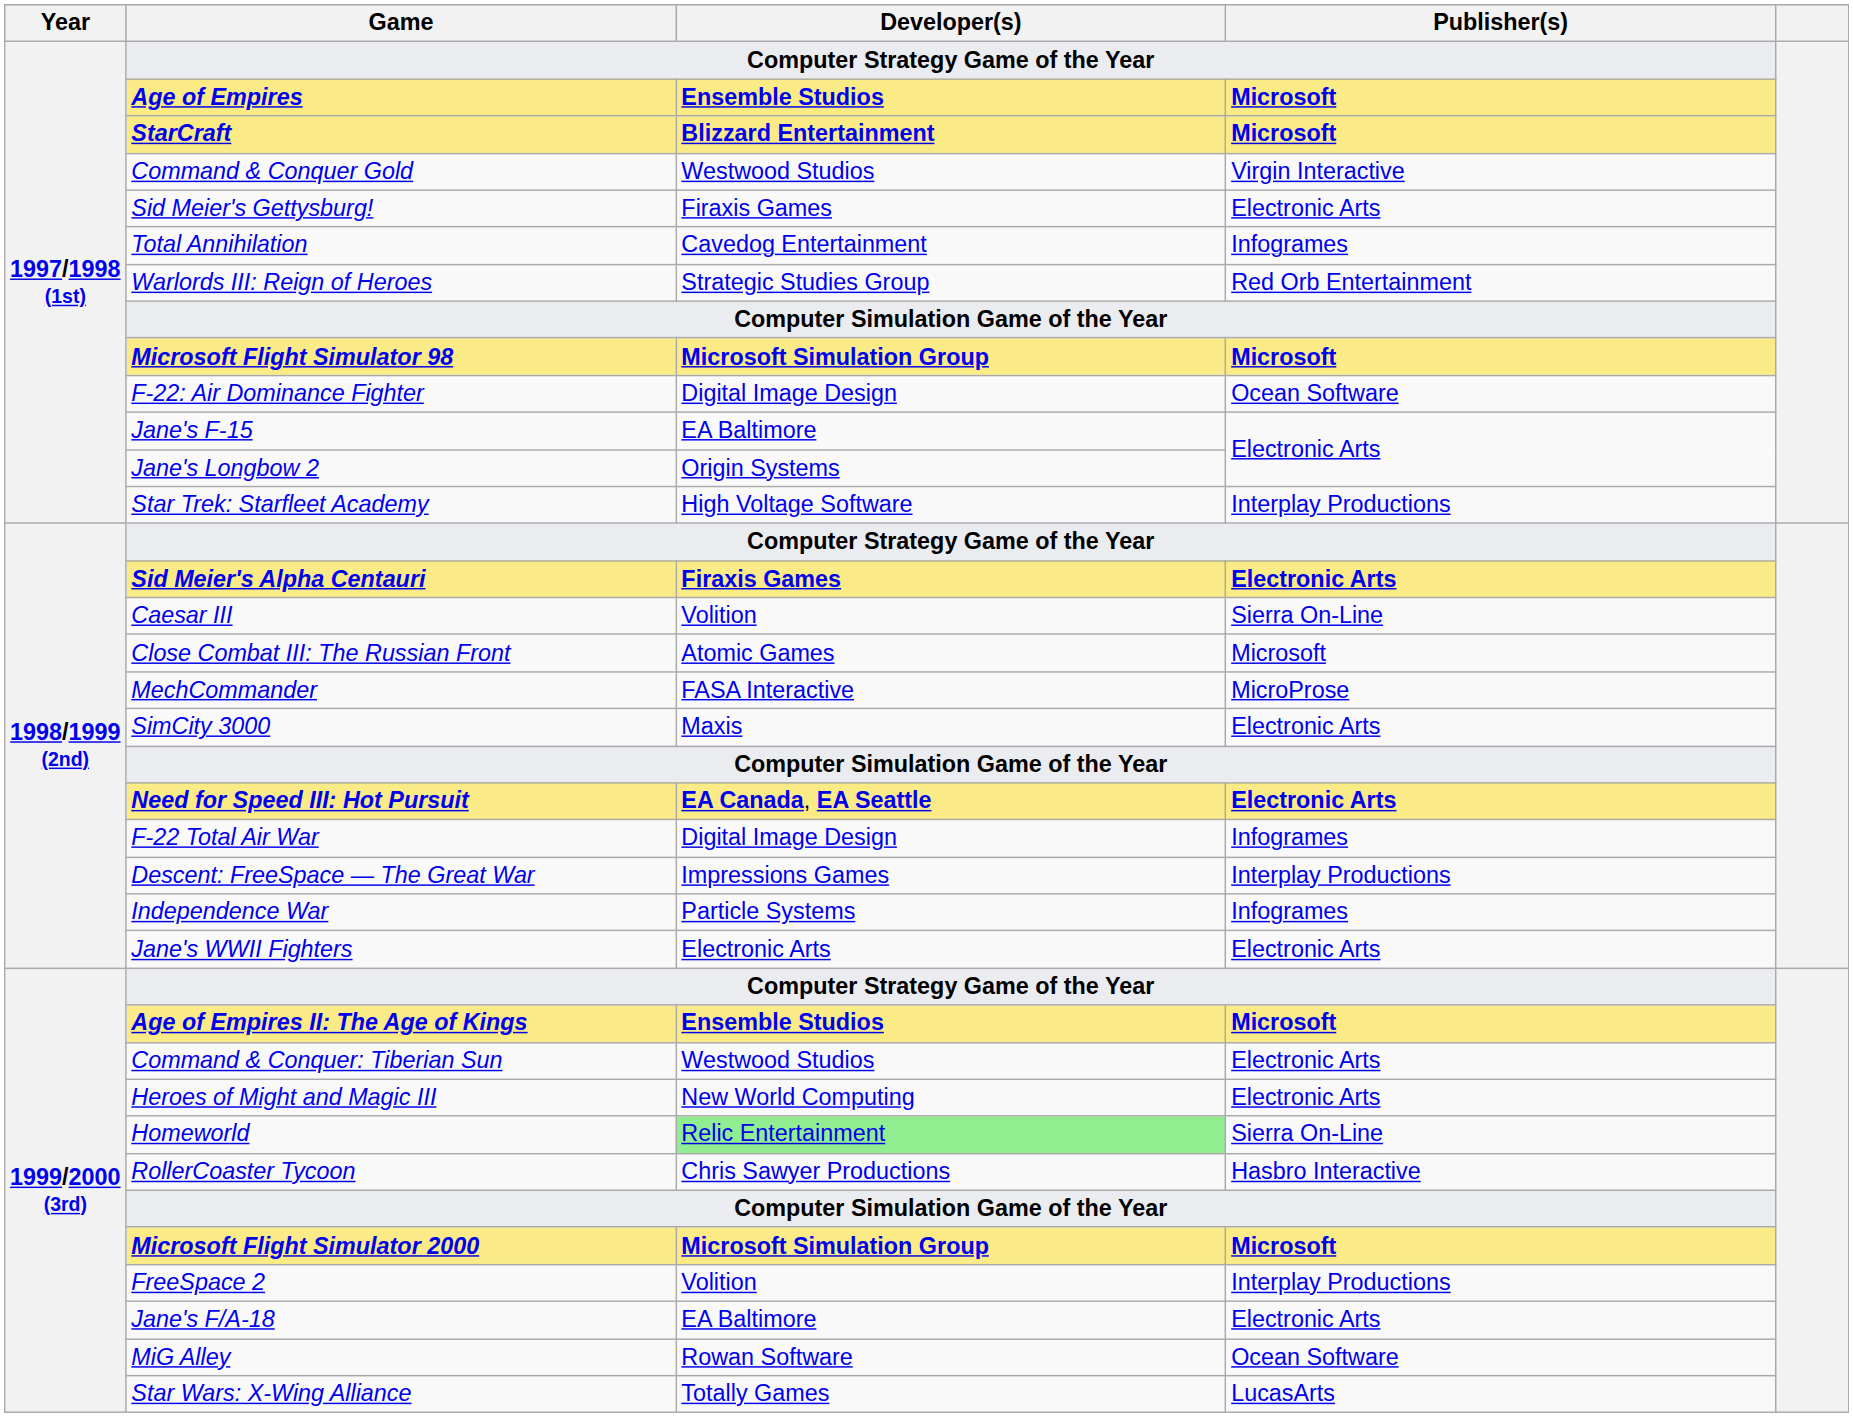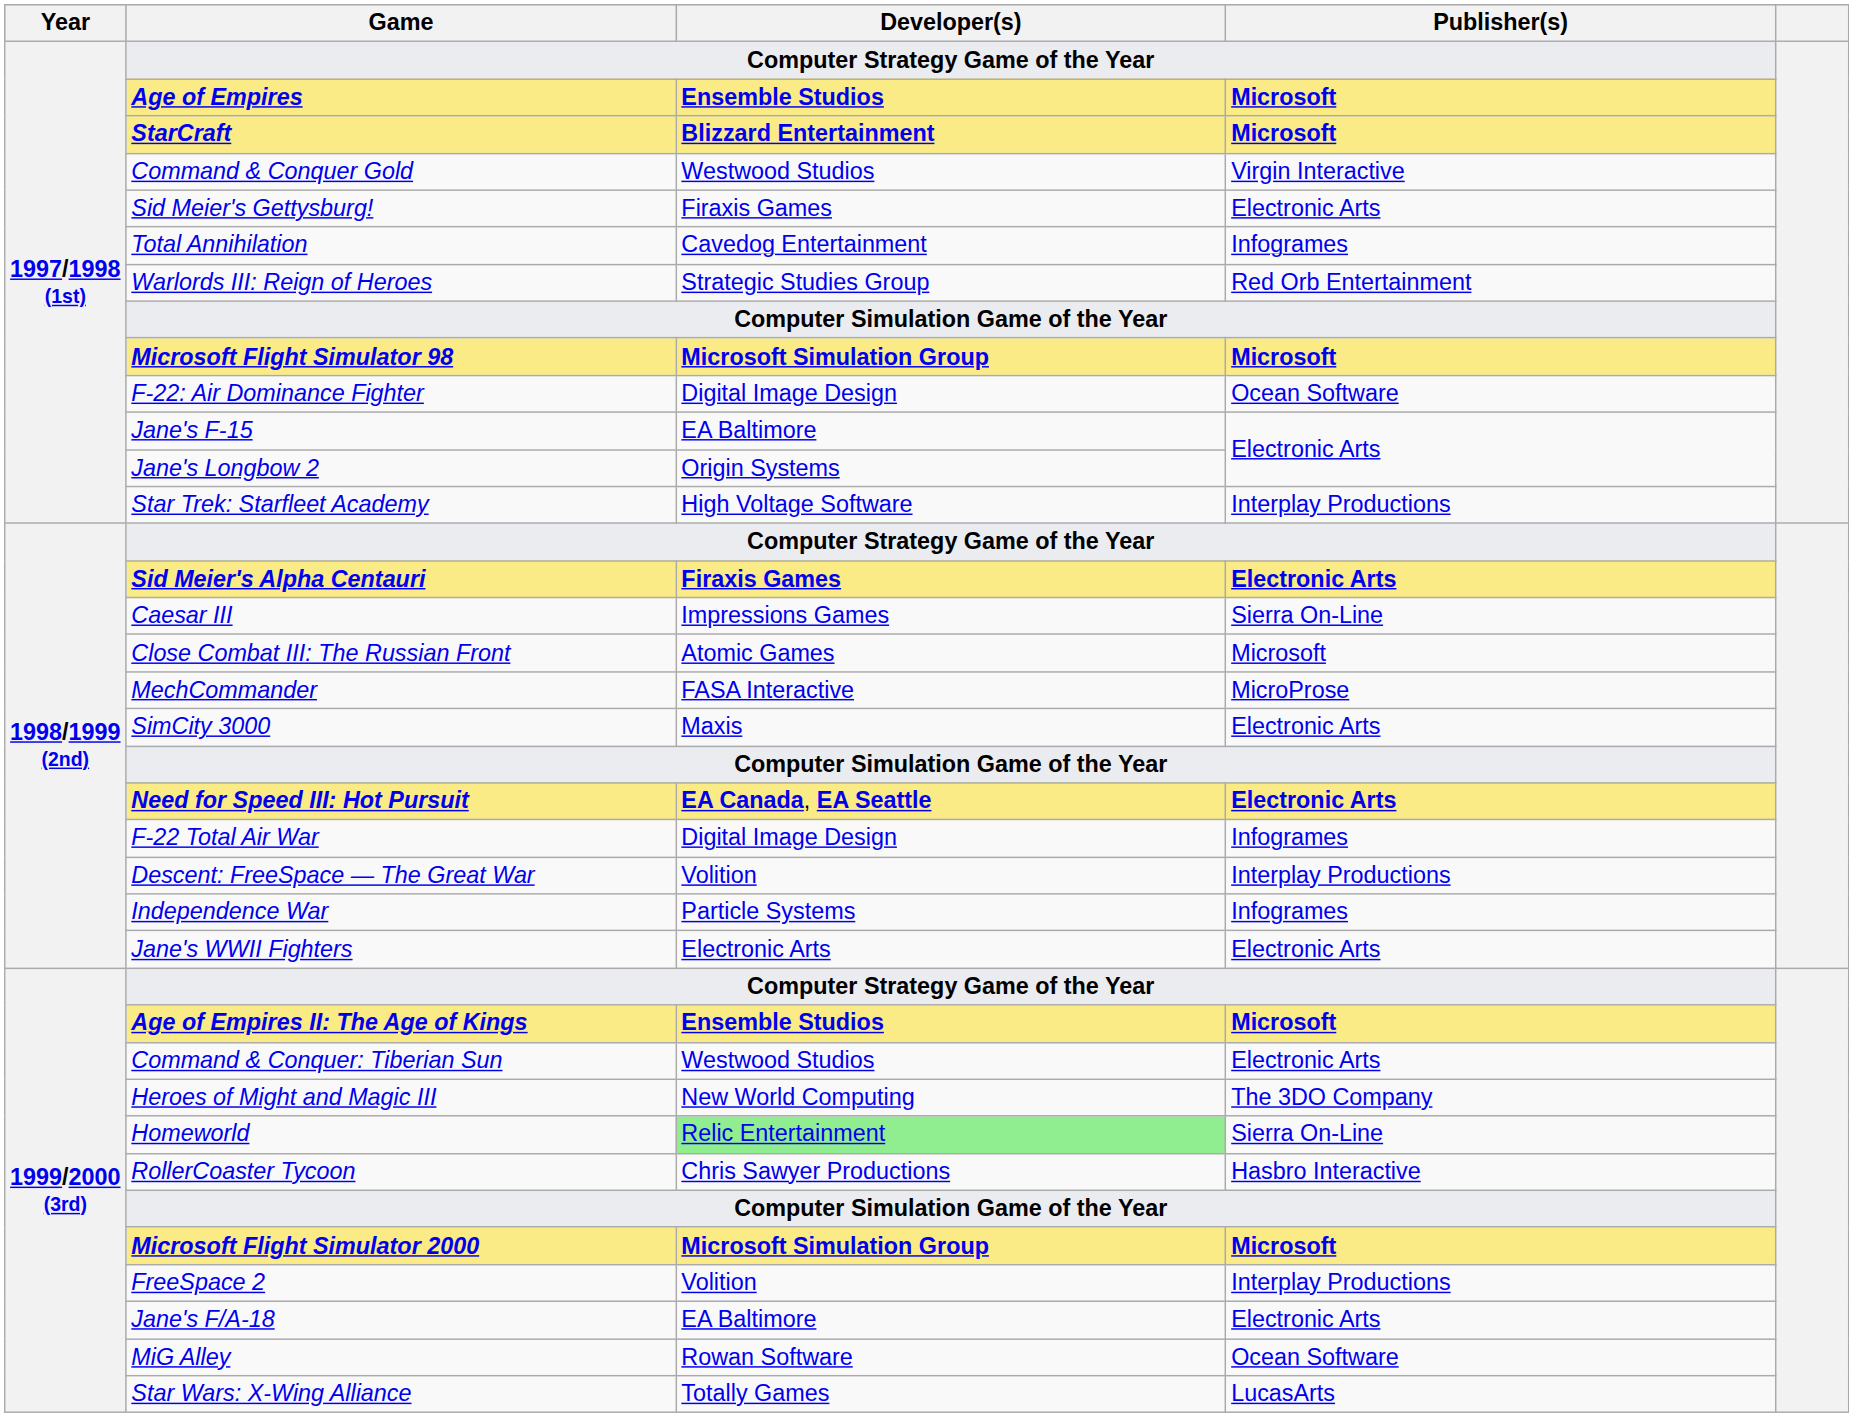 <table class="wikitable sortable" rowspan=2 style="width:100%;;">
 <tr style="background:#bebebe;">
 <th scope="col" style="width:6%;">Year</th>
 <th scope="col" style="width:30%;">Game</th>
 <th scope="col" style="width:30%;">Developer(s)</th>
 <th scope="col" style="width:30%;">Publisher(s)</th>
 <th scope="col" style="width:4%;" class="unsortable"></th>
 </tr>
 <tr>
 <th scope="row" rowspan="13" style="text-align:center"><a href='#'>1997</a>/<a href='#'>1998</a> <br><small><a href='#'>(1st)</a> </small></th>
 <td colspan=3 style="text-align:center; background:#EBECF0"><strong>Computer Strategy Game of the Year</strong></td>
 <th scope="row" rowspan="13" style="text-align;center;"></th>
 </tr>
 <tr>
 <td style="background:#FAEB86"><strong><em><a href='#'>Age of Empires</a></em></strong></td>
 <td style="background:#FAEB86"><strong><a href='#'>Ensemble Studios</a></strong></td>
 <td style="background:#FAEB86"><strong><a href='#'>Microsoft</a></strong></td>
 </tr>
 <tr>
 <td style="background:#FAEB86"><strong><em><a href='#'>StarCraft</a></em></strong></td>
 <td style="background:#FAEB86"><strong><a href='#'>Blizzard Entertainment</a></strong></td>
 <td style="background:#FAEB86"><strong><a href='#'>Microsoft</a></strong></td>
 </tr>
 <tr>
 <td><em><a href='#'>Command & Conquer Gold</a></em></td>
 <td><a href='#'>Westwood Studios</a></td>
 <td><a href='#'>Virgin Interactive</a></td>
 </tr>
 <tr>
 <td><em><a href='#'>Sid Meier's Gettysburg!</a></em></td>
 <td><a href='#'>Firaxis Games</a></td>
 <td><a href='#'>Electronic Arts</a></td>
 </tr>
 <tr>
 <td><em><a href='#'>Total Annihilation</a></em></td>
 <td><a href='#'>Cavedog Entertainment</a></td>
 <td><a href='#'>Infogrames</a></td>
 </tr>
 <tr>
 <td><em><a href='#'>Warlords III: Reign of Heroes</a></em></td>
 <td><a href='#'>Strategic Studies Group</a></td>
 <td><a href='#'>Red Orb Entertainment</a></td>
 </tr>
 <tr>
 <td colspan=3 style="text-align:center; background:#EBECF0"><strong>Computer Simulation Game of the Year</strong></td>
 </tr>
 <tr>
 <td style="background:#FAEB86"><strong><em><a href='#'>Microsoft Flight Simulator 98</a></em></strong></td>
 <td style="background:#FAEB86"><strong><a href='#'>Microsoft Simulation Group</a></strong></td>
 <td style="background:#FAEB86"><strong><a href='#'>Microsoft</a></strong></td>
 </tr>
 <tr>
 <td><em><a href='#'>F-22: Air Dominance Fighter</a></em></td>
 <td><a href='#'>Digital Image Design</a></td>
 <td><a href='#'>Ocean Software</a></td>
 </tr>
 <tr>
 <td><em><a href='#'>Jane's F-15</a></em></td>
 <td><a href='#'>EA Baltimore</a></td>
 <td rowspan=2><a href='#'>Electronic Arts</a></td>
 </tr>
 <tr>
 <td><em><a href='#'>Jane's Longbow 2</a></em></td>
 <td><a href='#'>Origin Systems</a></td>
 </tr>
 <tr>
 <td><em><a href='#'>Star Trek: Starfleet Academy</a></em></td>
 <td><a href='#'>High Voltage Software</a></td>
 <td><a href='#'>Interplay Productions</a></td>
 </tr>
 <tr>
 <th scope="row" rowspan="12" style="text-align:center"><a href='#'>1998</a>/<a href='#'>1999</a> <br><small><a href='#'>(2nd)</a> </small></th>
 <td colspan=3 style="text-align:center; background:#EBECF0"><strong>Computer Strategy Game of the Year</strong></td>
 <th scope="row" rowspan="12" style="text-align;center;"></th>
 </tr>
 <tr>
 <td style="background:#FAEB86"><strong><em><a href='#'>Sid Meier's Alpha Centauri</a></em></strong></td>
 <td style="background:#FAEB86"><strong><a href='#'>Firaxis Games</a></strong></td>
 <td style="background:#FAEB86"><strong><a href='#'>Electronic Arts</a></strong></td>
 </tr>
 <tr>
 <td><em><a href='#'>Caesar III</a></em></td>
-<td><a href='#'>Volition</a></td>
+<td><a href='#'>Impressions Games</a></td>
 <td><a href='#'>Sierra On-Line</a></td>
 </tr>
 <tr>
 <td><em><a href='#'>Close Combat III: The Russian Front</a></em></td>
 <td><a href='#'>Atomic Games</a></td>
 <td><a href='#'>Microsoft</a></td>
 </tr>
 <tr>
 <td><em><a href='#'>MechCommander</a></em></td>
 <td><a href='#'>FASA Interactive</a></td>
 <td><a href='#'>MicroProse</a></td>
 </tr>
 <tr>
 <td><em><a href='#'>SimCity 3000</a></em></td>
 <td><a href='#'>Maxis</a></td>
 <td><a href='#'>Electronic Arts</a></td>
 </tr>
 <tr>
 <td colspan=3 style="text-align:center; background:#EBECF0"><strong>Computer Simulation Game of the Year</strong></td>
 </tr>
 <tr>
 <td style="background:#FAEB86"><strong><em><a href='#'>Need for Speed III: Hot Pursuit</a></em></strong></td>
 <td style="background:#FAEB86"><strong><a href='#'>EA Canada</a></strong>, <strong><a href='#'>EA Seattle</a></strong></td>
 <td style="background:#FAEB86"><strong><a href='#'>Electronic Arts</a></strong></td>
 </tr>
 <tr>
 <td><em><a href='#'>F-22 Total Air War</a></em></td>
 <td><a href='#'>Digital Image Design</a></td>
 <td><a href='#'>Infogrames</a></td>
 </tr>
 <tr>
 <td><em><a href='#'>Descent: FreeSpace — The Great War</a></em></td>
-<td><a href='#'>Impressions Games</a></td>
+<td><a href='#'>Volition</a></td>
 <td><a href='#'>Interplay Productions</a></td>
 </tr>
 <tr>
 <td><em><a href='#'>Independence War</a></em></td>
 <td><a href='#'>Particle Systems</a></td>
 <td><a href='#'>Infogrames</a></td>
 </tr>
 <tr>
 <td><em><a href='#'>Jane's WWII Fighters</a></em></td>
 <td><a href='#'>Electronic Arts</a></td>
 <td><a href='#'>Electronic Arts</a></td>
 </tr>
 <tr>
 <th scope="row" rowspan="12" style="text-align:center"><a href='#'>1999</a>/<a href='#'>2000</a> <br><small><a href='#'>(3rd)</a> </small></th>
 <td colspan=3 style="text-align:center; background:#EBECF0"><strong>Computer Strategy Game of the Year</strong></td>
 <th scope="row" rowspan="12" style="text-align;center;"></th>
 </tr>
 <tr>
 <td style="background:#FAEB86"><strong><em><a href='#'>Age of Empires II: The Age of Kings</a></em></strong></td>
 <td style="background:#FAEB86"><strong><a href='#'>Ensemble Studios</a></strong></td>
 <td style="background:#FAEB86"><strong><a href='#'>Microsoft</a></strong></td>
 </tr>
 <tr>
 <td><em><a href='#'>Command & Conquer: Tiberian Sun</a></em></td>
 <td><a href='#'>Westwood Studios</a></td>
 <td><a href='#'>Electronic Arts</a></td>
 </tr>
 <tr>
 <td><em><a href='#'>Heroes of Might and Magic III</a></em></td>
 <td><a href='#'>New World Computing</a></td>
-<td><a href='#'>Electronic Arts</a></td>
+<td><a href='#'>The 3DO Company</a></td>
 </tr>
 <tr>
 <td><em><a href='#'>Homeworld</a></em></td>
 <td style="background: lightgreen;"><a href='#'>Relic Entertainment</a></td>
 <td><a href='#'>Sierra On-Line</a></td>
 </tr>
 <tr>
 <td><em><a href='#'>RollerCoaster Tycoon</a></em></td>
 <td><a href='#'>Chris Sawyer Productions</a></td>
 <td><a href='#'>Hasbro Interactive</a></td>
 </tr>
 <tr>
 <td colspan=3 style="text-align:center; background:#EBECF0"><strong>Computer Simulation Game of the Year</strong></td>
 </tr>
 <tr>
 <td style="background:#FAEB86"><strong><em><a href='#'>Microsoft Flight Simulator 2000</a></em></strong></td>
 <td style="background:#FAEB86"><strong><a href='#'>Microsoft Simulation Group</a></strong></td>
 <td style="background:#FAEB86"><strong><a href='#'>Microsoft</a></strong></td>
 </tr>
 <tr>
 <td><em><a href='#'>FreeSpace 2</a></em></td>
 <td><a href='#'>Volition</a></td>
 <td><a href='#'>Interplay Productions</a></td>
 </tr>
 <tr>
 <td><em><a href='#'>Jane's F/A-18</a></em></td>
 <td><a href='#'>EA Baltimore</a></td>
 <td><a href='#'>Electronic Arts</a></td>
 </tr>
 <tr>
 <td><em><a href='#'>MiG Alley</a></em></td>
 <td><a href='#'>Rowan Software</a></td>
 <td><a href='#'>Ocean Software</a></td>
 </tr>
 <tr>
 <td><em><a href='#'>Star Wars: X-Wing Alliance</a></em></td>
 <td><a href='#'>Totally Games</a></td>
 <td><a href='#'>LucasArts</a></td>
 </tr>
 </table>
